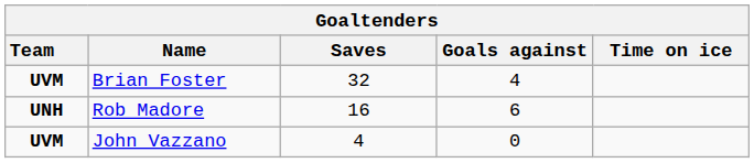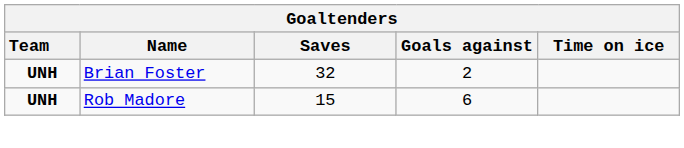 <table class="wikitable" style="width:40em; text-align:right;">
 <tr>
 <th colspan=5>Goaltenders</th>
 </tr>
 <tr>
 <th style="width:4em; text-align:left;">Team</th>
 <th style="width:10em;">Name</th>
 <th style="width:8em;">Saves</th>
 <th style="width:8em;">Goals against</th>
 <th style="width:8em;">Time on ice</th>
 </tr>
 <tr>
-<td align=center><strong>UVM</strong></td>
+<td align=center><strong>UNH</strong></td>
 <td style="text-align:left;"><a href='#'>Brian Foster</a></td>
 <td align=center>32</td>
-<td align=center>4</td>
+<td align=center>2</td>
 <td align=center></td>
 </tr>
 <tr>
 <td align=center><strong>UNH</strong></td>
 <td style="text-align:left;"><a href='#'>Rob Madore</a></td>
-<td align=center>16</td>
+<td align=center>15</td>
 <td align=center>6</td>
 <td align=center></td>
 </tr>
-<tr>
-<td align=center><strong>UVM</strong></td>
-<td style="text-align:left;"><a href='#'>John Vazzano</a></td>
-<td align=center>4</td>
-<td align=center>0</td>
-<td align=center></td>
-</tr>
 </table>
